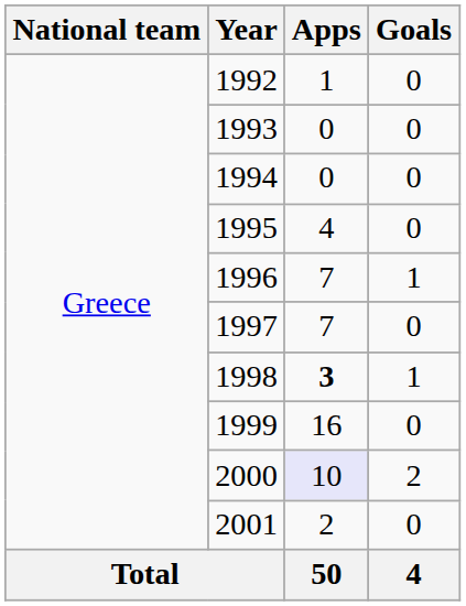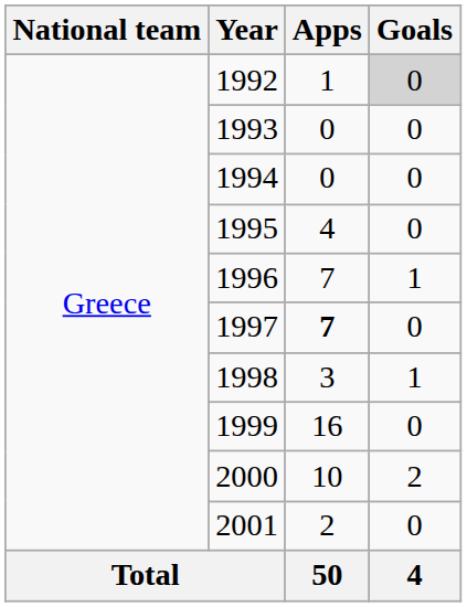 <table class="wikitable" style="text-align:center">
 <tr>
 <th>National team</th>
 <th>Year</th>
 <th>Apps</th>
 <th>Goals</th>
 </tr>
 <tr>
 <td rowspan="10"><a href='#'>Greece</a></td>
 <td>1992</td>
 <td>1</td>
-<td>0</td>
+<td style="background: lightgrey;">0</td>
 </tr>
 <tr>
 <td>1993</td>
 <td>0</td>
 <td>0</td>
 </tr>
 <tr>
 <td>1994</td>
 <td>0</td>
 <td>0</td>
 </tr>
 <tr>
 <td>1995</td>
 <td>4</td>
 <td>0</td>
 </tr>
 <tr>
 <td>1996</td>
 <td>7</td>
 <td>1</td>
 </tr>
 <tr>
 <td>1997</td>
-<td>7</td>
+<td><strong>7</strong></td>
 <td>0</td>
 </tr>
 <tr>
 <td>1998</td>
-<td><strong>3</strong></td>
+<td>3</td>
 <td>1</td>
 </tr>
 <tr>
 <td>1999</td>
 <td>16</td>
 <td>0</td>
 </tr>
 <tr>
 <td>2000</td>
-<td style="background: lavender;">10</td>
+<td>10</td>
 <td>2</td>
 </tr>
 <tr>
 <td>2001</td>
 <td>2</td>
 <td>0</td>
 </tr>
 <tr>
 <th colspan="2">Total</th>
 <th>50</th>
 <th>4</th>
 </tr>
 </table>
